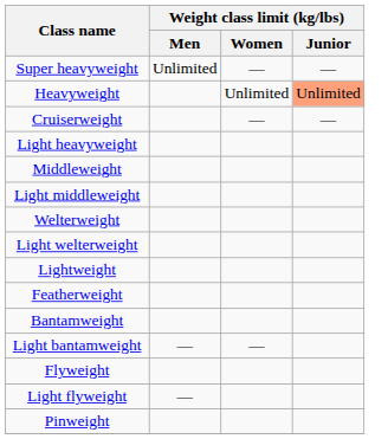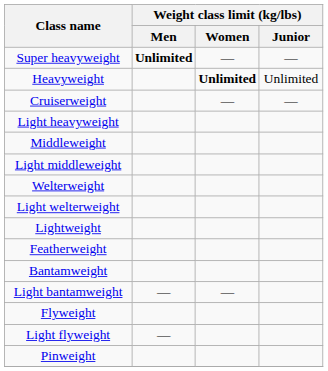 <table class="wikitable" style="text-align: center;">
 <tr>
 <th rowspan="2">Class name</th>
 <th colspan="5">Weight class limit (kg/lbs)</th>
 </tr>
 <tr>
 <th style="width:20%">Men</th>
 <th style="width:20%">Women</th>
 <th style="width:20%">Junior</th>
 </tr>
 <tr>
 <td><a href='#'>Super heavyweight</a></td>
-<td>Unlimited</td>
+<td><strong>Unlimited</strong></td>
 <td>—</td>
 <td>—</td>
 </tr>
 <tr>
 <td><a href='#'>Heavyweight</a></td>
 <td></td>
+<td><strong>Unlimited</strong></td>
 <td>Unlimited</td>
-<td style="background: lightsalmon;">Unlimited</td>
 </tr>
 <tr>
 <td><a href='#'>Cruiserweight</a></td>
 <td></td>
 <td>—</td>
 <td>—</td>
 </tr>
 <tr>
 <td><a href='#'>Light heavyweight</a></td>
 <td></td>
 <td></td>
 <td></td>
 </tr>
 <tr>
 <td><a href='#'>Middleweight</a></td>
 <td></td>
 <td></td>
 <td></td>
 </tr>
 <tr>
 <td><a href='#'>Light middleweight</a></td>
 <td></td>
 <td></td>
 <td></td>
 </tr>
 <tr>
 <td><a href='#'>Welterweight</a></td>
 <td></td>
 <td></td>
 <td></td>
 </tr>
 <tr>
 <td><a href='#'>Light welterweight</a></td>
 <td></td>
 <td></td>
 <td></td>
 </tr>
 <tr>
 <td><a href='#'>Lightweight</a></td>
 <td></td>
 <td></td>
 <td></td>
 </tr>
 <tr>
 <td><a href='#'>Featherweight</a></td>
 <td></td>
 <td></td>
 <td></td>
 </tr>
 <tr>
 <td><a href='#'>Bantamweight</a></td>
 <td></td>
 <td></td>
 <td></td>
 </tr>
 <tr>
 <td><a href='#'>Light bantamweight</a></td>
 <td>—</td>
 <td>—</td>
 <td></td>
 </tr>
 <tr>
 <td><a href='#'>Flyweight</a></td>
 <td></td>
 <td></td>
 <td></td>
 </tr>
 <tr>
 <td><a href='#'>Light flyweight</a></td>
 <td>—</td>
 <td></td>
 <td></td>
 </tr>
 <tr>
 <td><a href='#'>Pinweight</a></td>
 <td></td>
 <td></td>
 <td></td>
 </tr>
 <tr>
 </tr>
 </table>
